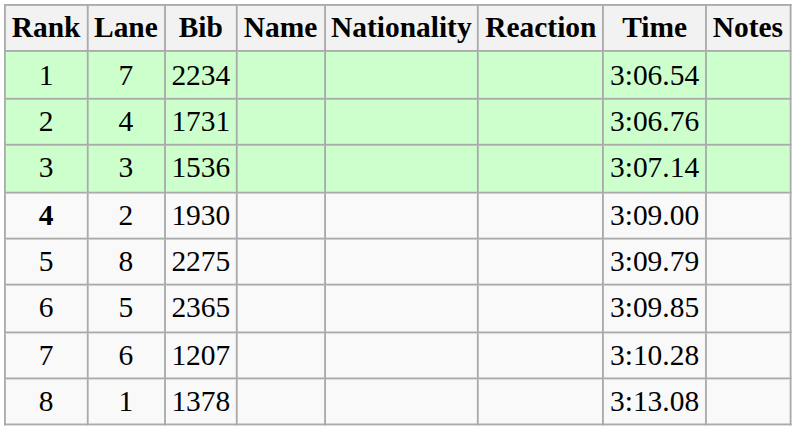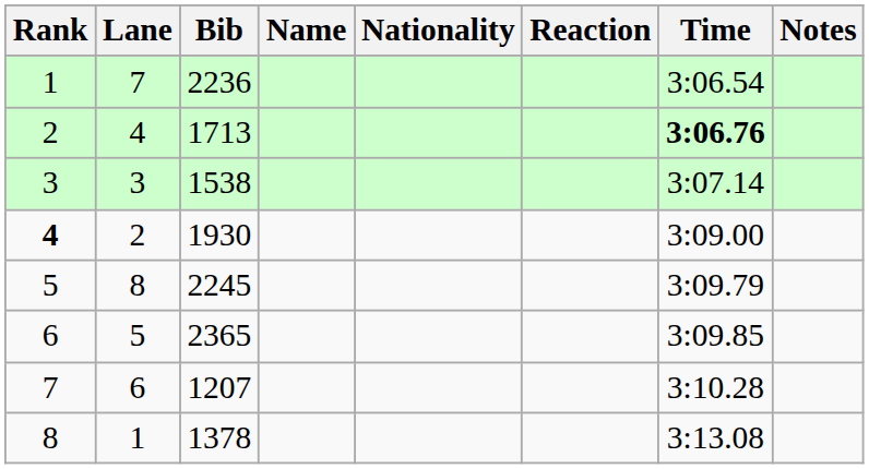 <table class="wikitable sortable" style="text-align:center">
 <tr>
 <th>Rank</th>
 <th>Lane</th>
 <th>Bib</th>
 <th>Name</th>
 <th>Nationality</th>
 <th>Reaction</th>
 <th>Time</th>
 <th>Notes</th>
 </tr>
 <tr bgcolor=ccffcc>
 <td>1</td>
 <td>7</td>
-<td>2234</td>
+<td>2236</td>
 <td align=left></td>
 <td align=left></td>
 <td></td>
 <td>3:06.54</td>
 <td><strong></strong></td>
 </tr>
 <tr bgcolor=ccffcc>
 <td>2</td>
 <td>4</td>
-<td>1731</td>
+<td>1713</td>
 <td align=left></td>
 <td align=left></td>
 <td></td>
-<td>3:06.76</td>
+<td><strong>3:06.76</strong></td>
 <td><strong></strong></td>
 </tr>
 <tr bgcolor=ccffcc>
 <td>3</td>
 <td>3</td>
-<td>1536</td>
+<td>1538</td>
 <td align=left></td>
 <td align=left></td>
 <td></td>
 <td>3:07.14</td>
 <td><strong></strong></td>
 </tr>
 <tr>
 <td><strong>4</strong></td>
 <td>2</td>
 <td>1930</td>
 <td align=left></td>
 <td align=left></td>
 <td></td>
 <td>3:09.00</td>
 <td></td>
 </tr>
 <tr>
 <td>5</td>
 <td>8</td>
-<td>2275</td>
+<td>2245</td>
 <td align=left></td>
 <td align=left></td>
 <td></td>
 <td>3:09.79</td>
 <td></td>
 </tr>
 <tr>
 <td>6</td>
 <td>5</td>
 <td>2365</td>
 <td align=left></td>
 <td align=left></td>
 <td></td>
 <td>3:09.85</td>
 <td></td>
 </tr>
 <tr>
 <td>7</td>
 <td>6</td>
 <td>1207</td>
 <td align=left></td>
 <td align=left></td>
 <td></td>
 <td>3:10.28</td>
 <td></td>
 </tr>
 <tr>
 <td>8</td>
 <td>1</td>
 <td>1378</td>
 <td align=left></td>
 <td align=left></td>
 <td></td>
 <td>3:13.08</td>
 <td></td>
 </tr>
 </table>
